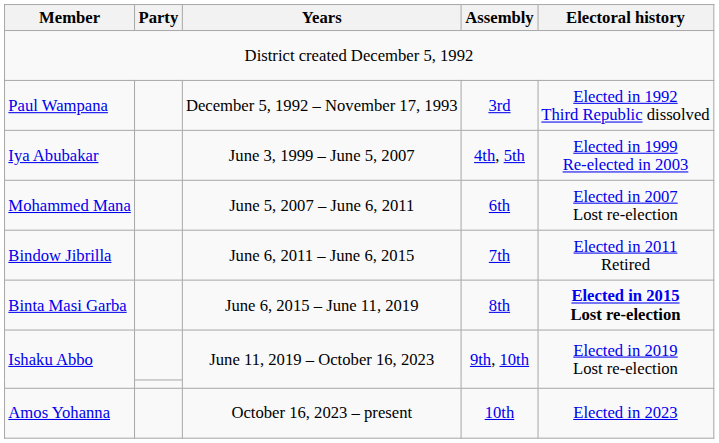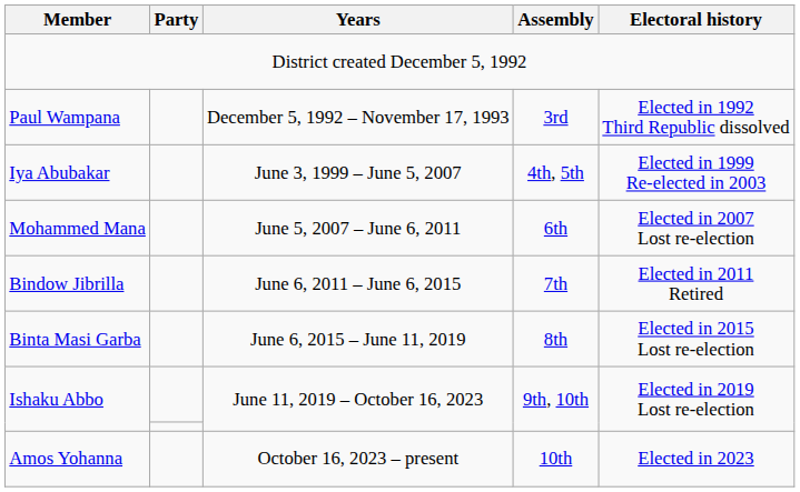 <table class="wikitable" style="text-align:center">
 <tr>
 <th>Member</th>
 <th>Party</th>
 <th>Years</th>
 <th>Assembly</th>
 <th>Electoral history</th>
 </tr>
 <tr style="height:3em">
 <td colspan="5">District created December 5, 1992</td>
 </tr>
 <tr style="height:3em">
 <td align="left"><a href='#'>Paul Wampana</a></td>
 <td style="background:"></td>
 <td nowrap="">December 5, 1992 – November 17, 1993</td>
 <td><a href='#'>3rd</a></td>
 <td><a href='#'>Elected in 1992</a><br><a href='#'>Third Republic</a> dissolved</td>
 </tr>
 <tr style="height:3em">
 <td align="left"><a href='#'>Iya Abubakar</a></td>
 <td></td>
 <td nowrap="">June 3, 1999 – June 5, 2007</td>
 <td><a href='#'>4th</a>, <a href='#'>5th</a></td>
 <td><a href='#'>Elected in 1999</a><br><a href='#'>Re-elected in 2003</a></td>
 </tr>
 <tr style="height:3em">
 <td align="left"><a href='#'>Mohammed Mana</a></td>
 <td></td>
 <td nowrap="">June 5, 2007 – June 6, 2011</td>
 <td><a href='#'>6th</a></td>
 <td><a href='#'>Elected in 2007</a><br>Lost re-election</td>
 </tr>
 <tr style="height:3em">
 <td align="left"><a href='#'>Bindow Jibrilla</a></td>
 <td></td>
 <td nowrap="">June 6, 2011 – June 6, 2015</td>
 <td><a href='#'>7th</a></td>
 <td><a href='#'>Elected in 2011</a><br>Retired</td>
 </tr>
 <tr style="height:3em">
 <td align="left"><a href='#'>Binta Masi Garba</a></td>
 <td></td>
 <td nowrap="">June 6, 2015 – June 11, 2019</td>
 <td><a href='#'>8th</a></td>
-<td><strong><a href='#'>Elected in 2015</a><br>Lost re-election</strong></td>
+<td><a href='#'>Elected in 2015</a><br>Lost re-election</td>
 </tr>
 <tr style="height:3em">
 <td rowspan="2" align="left"><a href='#'>Ishaku Abbo</a></td>
 <td></td>
 <td rowspan="2" nowrap="">June 11, 2019 – October 16, 2023</td>
 <td rowspan="2"><a href='#'>9th</a>, <a href='#'>10th</a></td>
 <td rowspan="2"><a href='#'>Elected in 2019</a><br>Lost re-election</td>
 </tr>
 <tr>
 <td></td>
 </tr>
 <tr style="height:3em">
 <td align="left"><a href='#'>Amos Yohanna</a></td>
 <td></td>
 <td nowrap="">October 16, 2023 – present</td>
 <td><a href='#'>10th</a></td>
 <td><a href='#'>Elected in 2023</a></td>
 </tr>
 </table>
